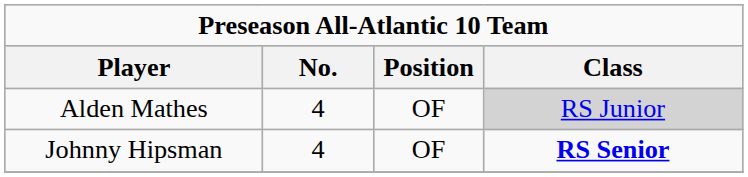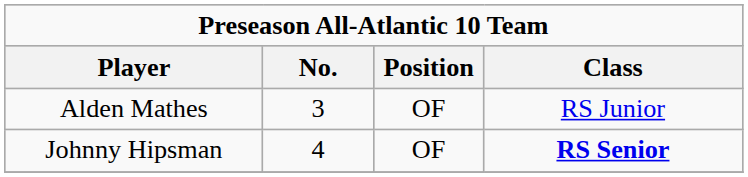 <table class="wikitable" style="text-align:center">
 <tr>
 <td colspan="5"><strong>Preseason All-Atlantic 10 Team</strong></td>
 </tr>
 <tr>
 <th style="width:150px; ">Player</th>
 <th style="width:60px; ">No.</th>
 <th style="width:60px; ">Position</th>
 <th style="width:150px; ">Class</th>
 </tr>
 <tr>
 <td>Alden Mathes</td>
-<td>4</td>
+<td>3</td>
 <td>OF</td>
-<td style="background: lightgrey;"><a href='#'>RS Junior</a></td>
+<td><a href='#'>RS Junior</a></td>
 </tr>
 <tr>
 <td>Johnny Hipsman</td>
 <td>4</td>
 <td>OF</td>
 <td><strong><a href='#'>RS Senior</a></strong></td>
 </tr>
 <tr>
 </tr>
 </table>
